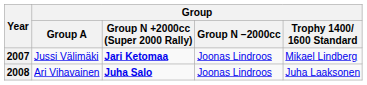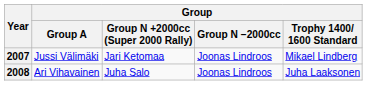 <table class="wikitable" style="font-size: 95%">
 <tr>
 <th rowspan="2">Year</th>
 <th colspan="4">Group</th>
 </tr>
 <tr>
 <th>Group A</th>
 <th>Group N +2000cc<br>(Super 2000 Rally)</th>
 <th>Group N −2000cc</th>
 <th>Trophy 1400/<br>1600 Standard</th>
 </tr>
 <tr>
 <th>2007</th>
 <td><a href='#'>Jussi Välimäki</a></td>
-<td><strong><a href='#'>Jari Ketomaa</a></strong></td>
+<td><a href='#'>Jari Ketomaa</a></td>
 <td><a href='#'>Joonas Lindroos</a></td>
 <td><a href='#'>Mikael Lindberg</a></td>
 </tr>
 <tr>
 <th>2008</th>
 <td><a href='#'>Ari Vihavainen</a></td>
-<td><strong><a href='#'>Juha Salo</a></strong></td>
+<td><a href='#'>Juha Salo</a></td>
 <td><a href='#'>Joonas Lindroos</a></td>
 <td><a href='#'>Juha Laaksonen</a></td>
 </tr>
 </table>
